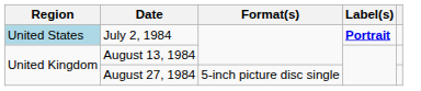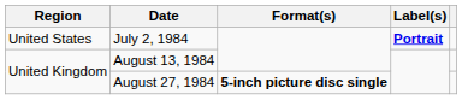 <table class="wikitable">
 <tr>
 <th>Region</th>
 <th>Date</th>
 <th>Format(s)</th>
 <th>Label(s)</th>
 <th></th>
 </tr>
 <tr>
-<td style="background: lightblue;">United States</td>
+<td>United States</td>
 <td>July 2, 1984</td>
 <td rowspan="2"></td>
 <td><strong><a href='#'>Portrait</a></strong></td>
 <td></td>
 </tr>
 <tr>
 <td rowspan="2">United Kingdom</td>
 <td>August 13, 1984</td>
 <td rowspan="2"></td>
 <td></td>
 </tr>
 <tr>
 <td>August 27, 1984</td>
-<td>5-inch picture disc single</td>
+<td><strong>5-inch picture disc single</strong></td>
 <td></td>
 </tr>
 </table>
